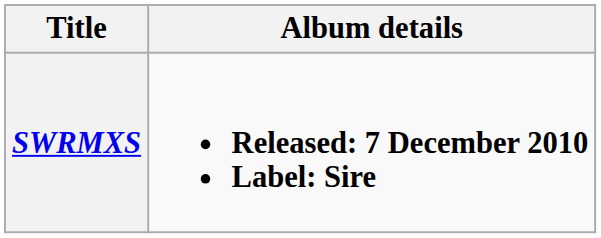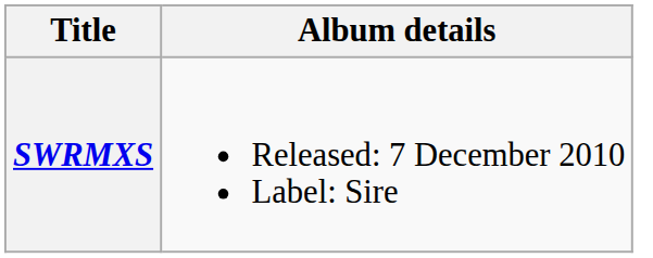 <table class="wikitable plainrowheaders">
 <tr>
 <th scope="col">Title</th>
 <th scope="col">Album details</th>
 </tr>
 <tr>
 <th scope="row"><em><a href='#'>SWRMXS</a></em></th>
-<td><strong><br><ul><li>Released: 7 December 2010</li><li>Label: Sire</li></ul></strong></td>
+<td><br><ul><li>Released: 7 December 2010</li><li>Label: Sire</li></ul></td>
 </tr>
 </table>
